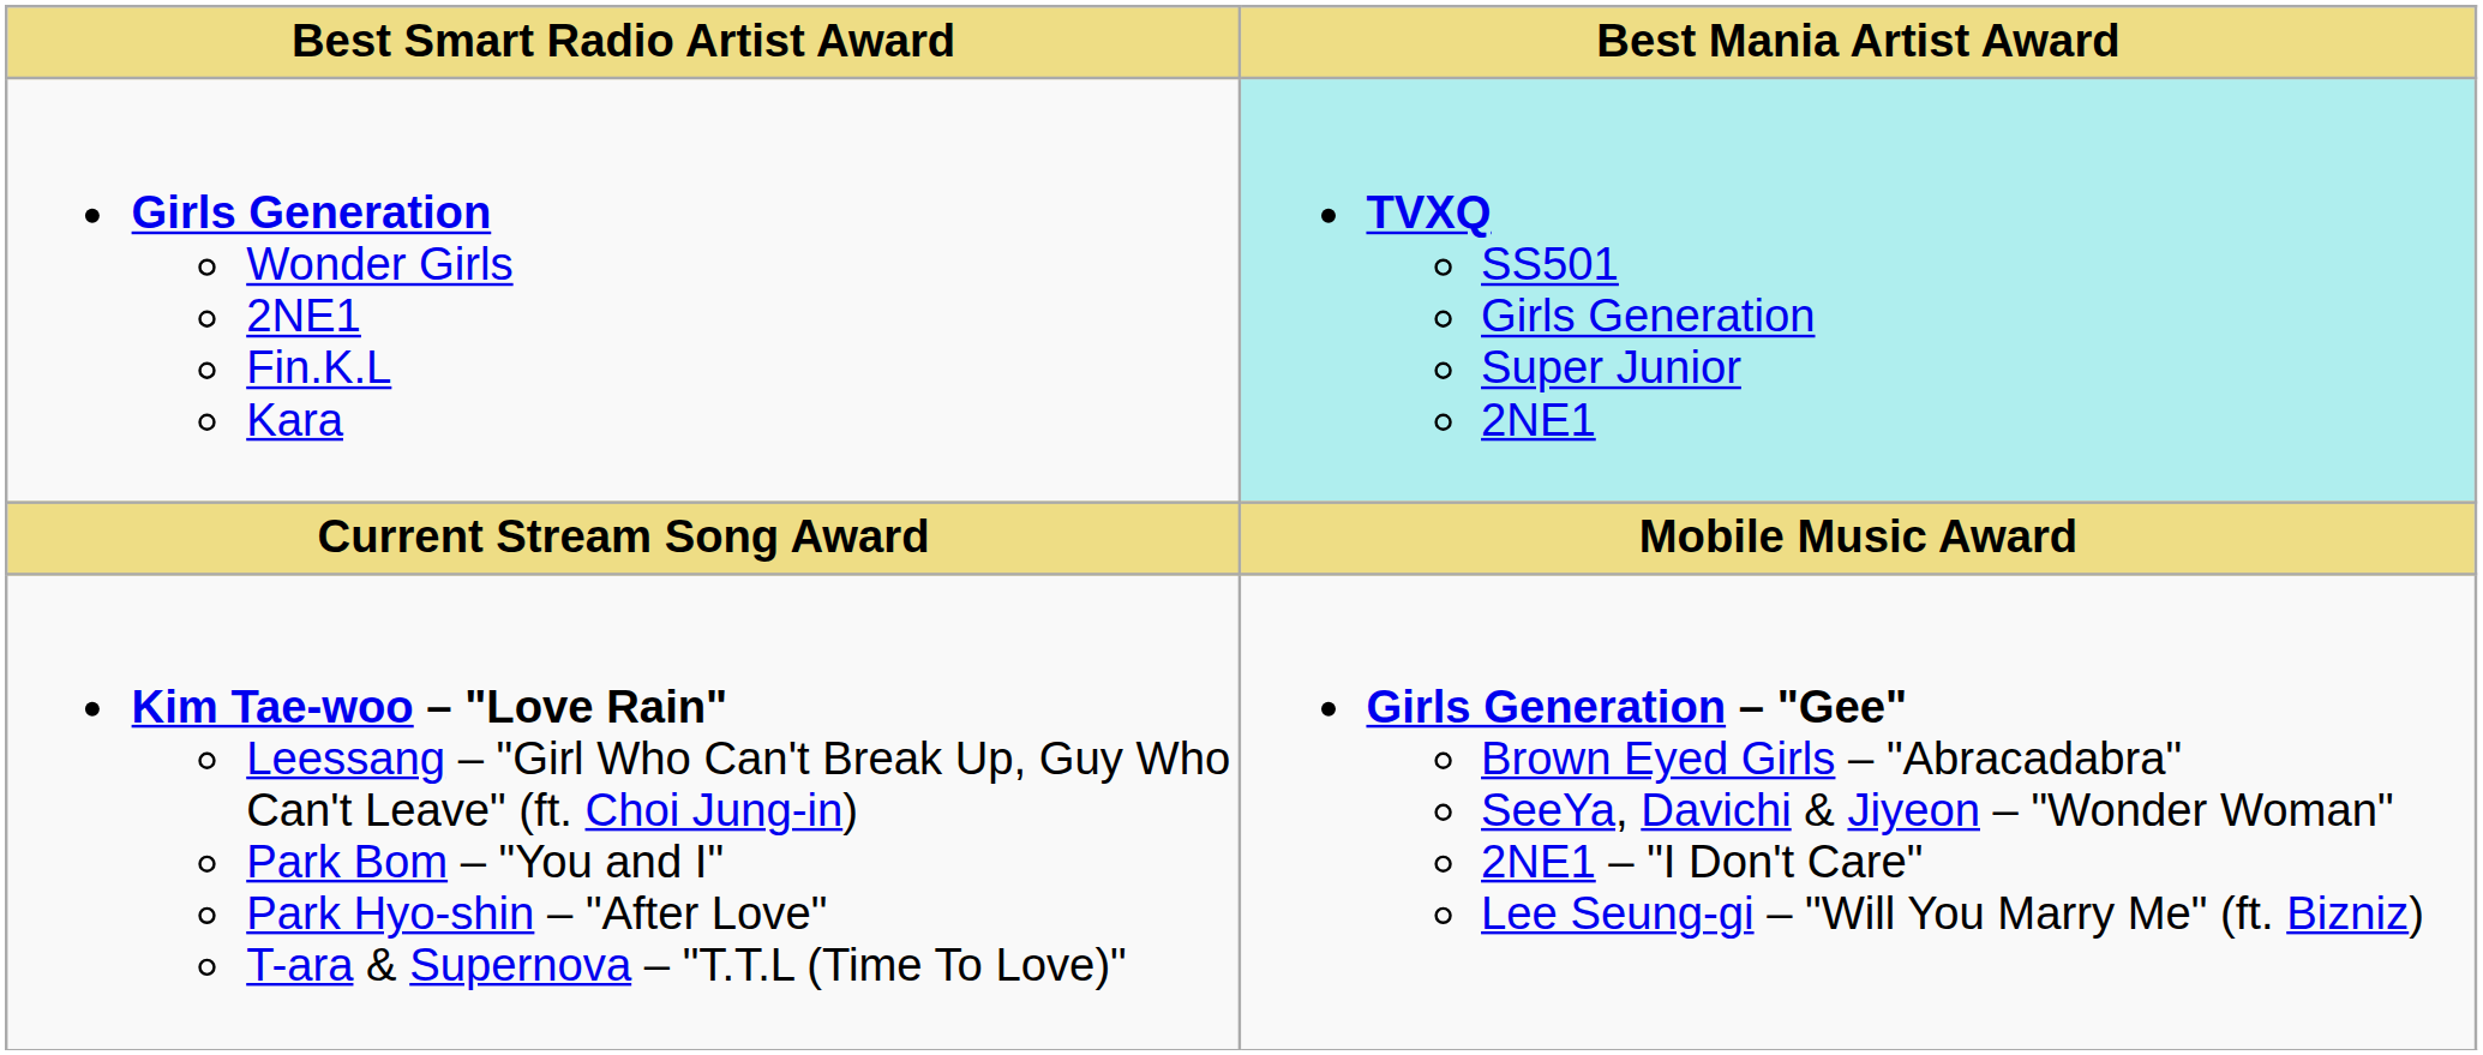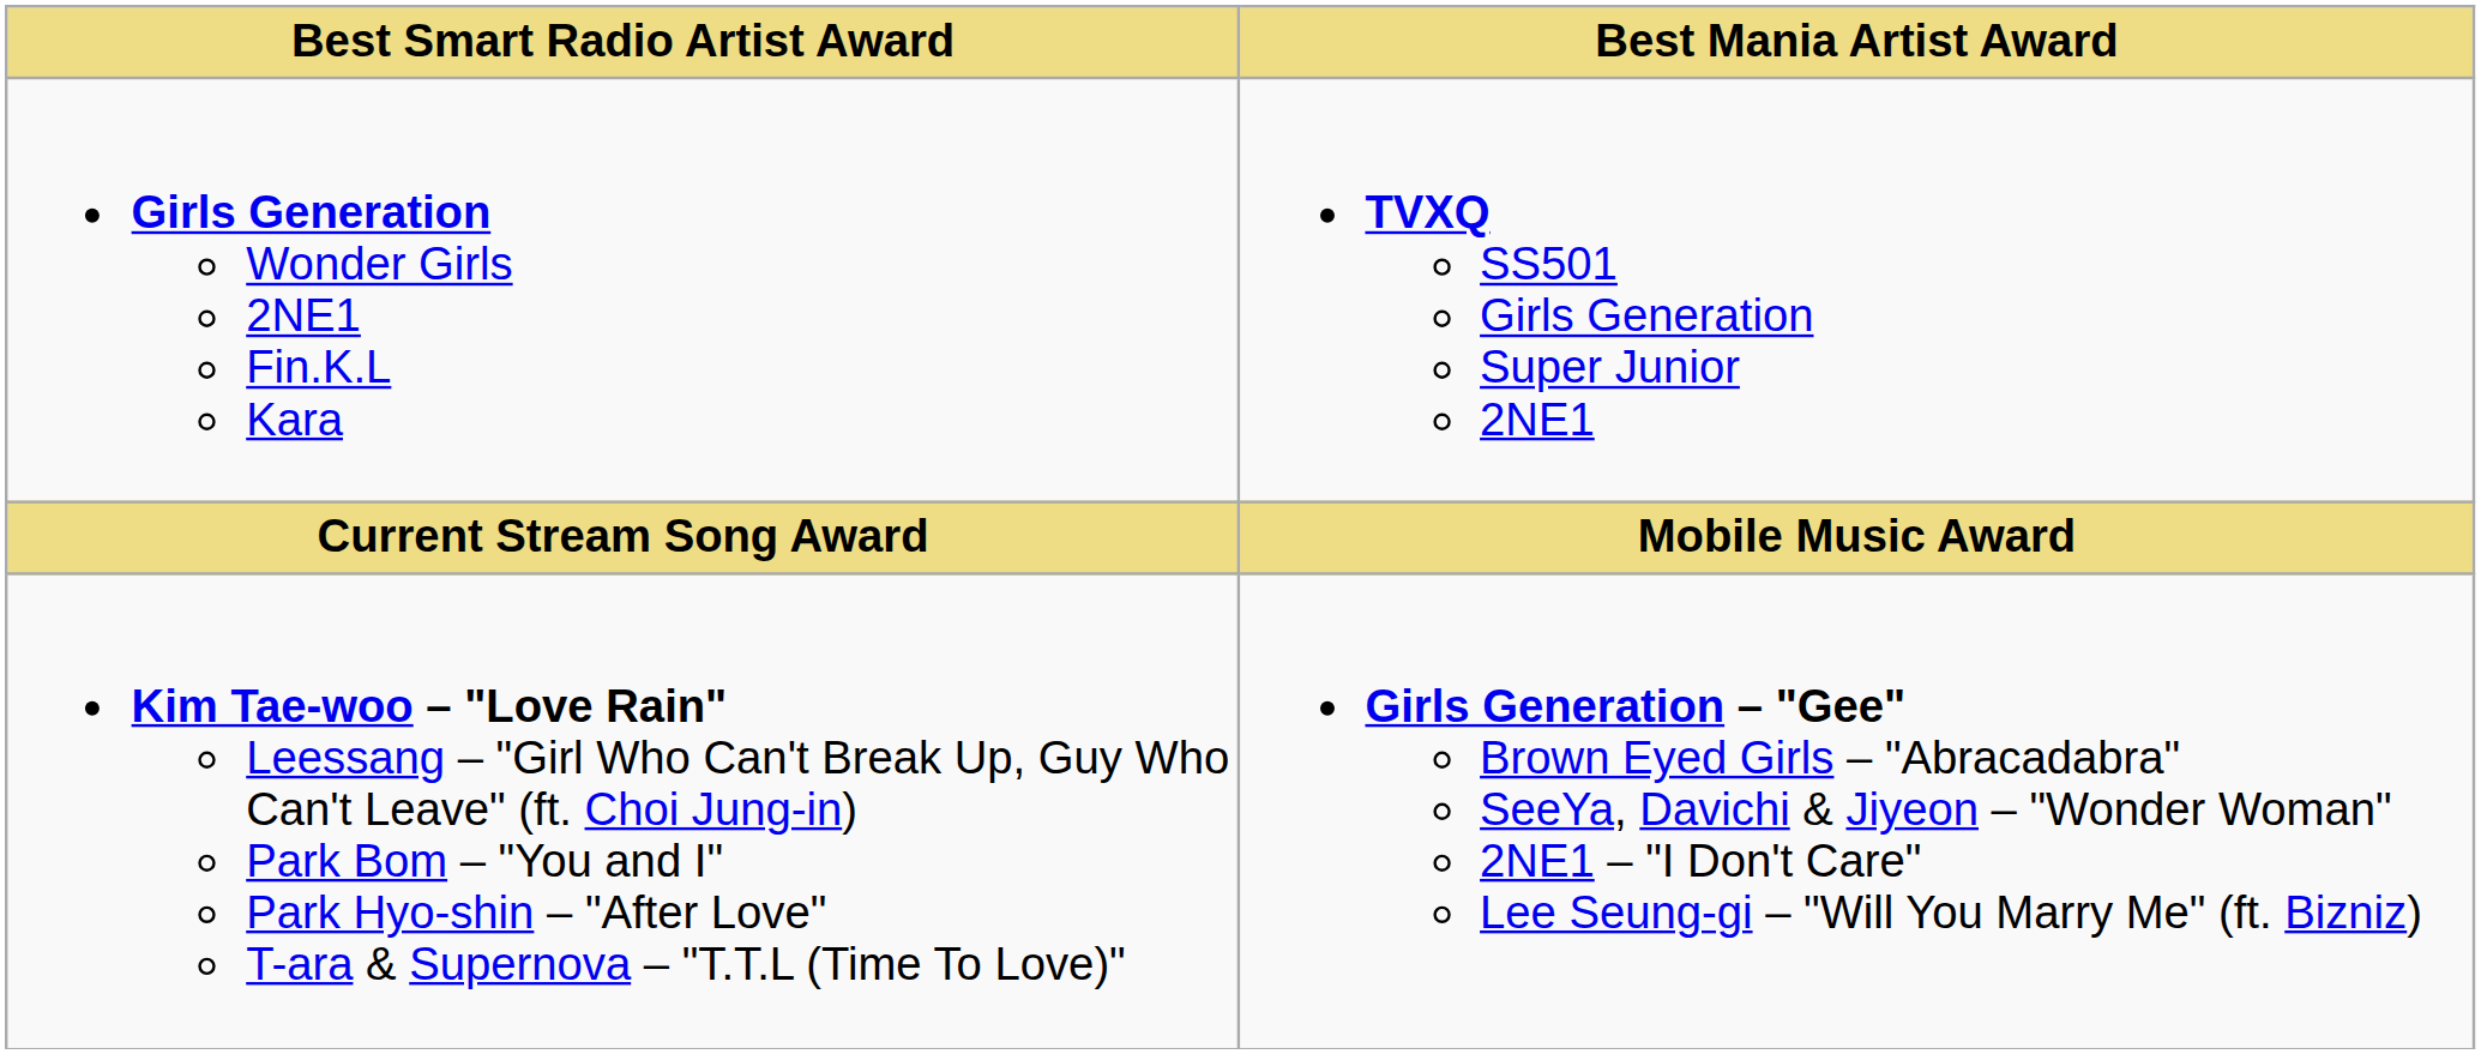 <table class="wikitable">
 <tr>
 <th scope="col" style="background:#EEDD85; width:50%">Best Smart Radio Artist Award</th>
 <th scope="col" style="background:#EEDD85; width:50%">Best Mania Artist Award</th>
 </tr>
 <tr>
 <td style="vertical-align:top"><br><ul><li><strong><a href='#'>Girls Generation</a></strong><ul><li><a href='#'>Wonder Girls</a></li><li><a href='#'>2NE1</a></li><li><a href='#'>Fin.K.L</a></li><li><a href='#'>Kara</a></li></ul></li></ul></td>
-<td style="background: paleturquoise; vertical-align:top"><br><ul><li><strong><a href='#'>TVXQ</a></strong><ul><li><a href='#'>SS501</a></li><li><a href='#'>Girls Generation</a></li><li><a href='#'>Super Junior</a></li><li><a href='#'>2NE1</a></li></ul></li></ul></td>
+<td style="vertical-align:top"><br><ul><li><strong><a href='#'>TVXQ</a></strong><ul><li><a href='#'>SS501</a></li><li><a href='#'>Girls Generation</a></li><li><a href='#'>Super Junior</a></li><li><a href='#'>2NE1</a></li></ul></li></ul></td>
 </tr>
 <tr>
 <th scope="col" style="background:#EEDD85; width:50%">Current Stream Song Award</th>
 <th scope="col" style="background:#EEDD85; width:50%">Mobile Music Award</th>
 </tr>
 <tr>
 <td style="vertical-align:top"><br><ul><li><strong><a href='#'>Kim Tae-woo</a> – "Love Rain"</strong><ul><li><a href='#'>Leessang</a> – "Girl Who Can't Break Up, Guy Who <br> Can't Leave" (ft. <a href='#'>Choi Jung-in</a>)</li><li><a href='#'>Park Bom</a> – "You and I"</li><li><a href='#'>Park Hyo-shin</a> – "After Love"</li><li><a href='#'>T-ara</a> & <a href='#'>Supernova</a> – "T.T.L (Time To Love)"</li></ul></li></ul></td>
 <td style="vertical-align:top"><br><ul><li><strong><a href='#'>Girls Generation</a> – "Gee"</strong><ul><li><a href='#'>Brown Eyed Girls</a> – "Abracadabra"</li><li><a href='#'>SeeYa</a>, <a href='#'>Davichi</a> & <a href='#'>Jiyeon</a> – "Wonder Woman"</li><li><a href='#'>2NE1</a> – "I Don't Care"</li><li><a href='#'>Lee Seung-gi</a> – "Will You Marry Me" (ft. <a href='#'>Bizniz</a>)</li></ul></li></ul></td>
 </tr>
 </table>
